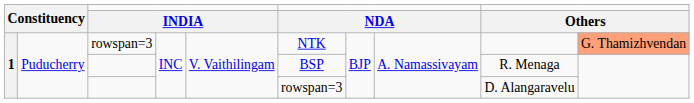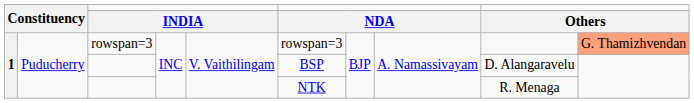 <table class="wikitable sortable" style="text-align:center">
 <tr>
 <th colspan=2 rowspan=2>Constituency</th>
 <td colspan=3 bgcolor=></td>
 <td colspan=3 bgcolor=></td>
 <td colspan=3 bgcolor=></td>
 </tr>
 <tr>
 <th colspan=3><a href='#'>INDIA</a></th>
 <th colspan=3><a href='#'>NDA</a></th>
 <th colspan=3>Others</th>
 </tr>
 <tr>
 <th rowspan=3>1</th>
 <td rowspan=3><a href='#'>Puducherry</a></td>
 <td>rowspan=3 </td>
 <td rowspan=3><a href='#'>INC</a></td>
 <td rowspan=3><a href='#'>V. Vaithilingam</a></td>
-<td><a href='#'>NTK</a></td>
+<td>rowspan=3 </td>
 <td rowspan=3><a href='#'>BJP</a></td>
 <td rowspan=3><a href='#'>A. Namassivayam</a></td>
 <td></td>
 <td style="background: lightsalmon;">G. Thamizhvendan</td>
 </tr>
 <tr>
 <td></td>
 <td><a href='#'>BSP</a></td>
-<td>R. Menaga</td>
+<td>D. Alangaravelu</td>
 </tr>
 <tr>
 <td></td>
-<td>rowspan=3 </td>
-<td>D. Alangaravelu</td>
+<td><a href='#'>NTK</a></td>
+<td>R. Menaga</td>
 </tr>
 </table>
